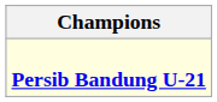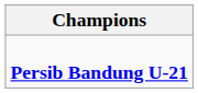 <table class="wikitable" style="text-align: center; margin: 0 auto;">
 <tr>
 <th>Champions</th>
 </tr>
 <tr>
-<td style="background: lightyellow;"><br><strong><a href='#'>Persib Bandung U-21</a></strong></td>
+<td><br><strong><a href='#'>Persib Bandung U-21</a></strong></td>
 </tr>
 </table>
